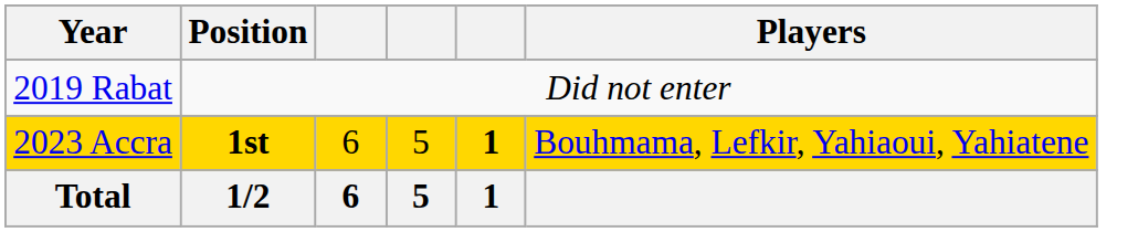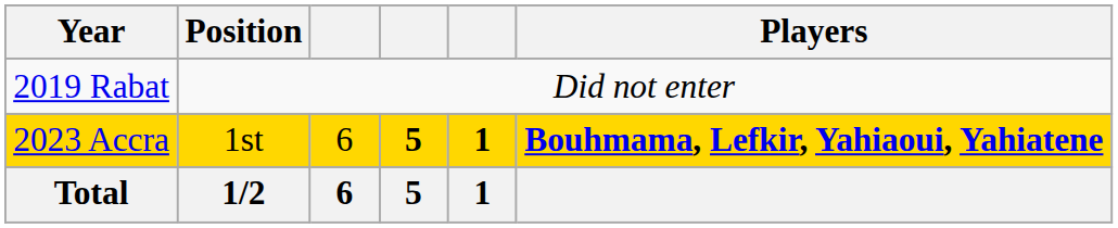 <table class="wikitable" style="text-align: center;">
 <tr>
 <th>Year</th>
 <th>Position</th>
 <th width=25px></th>
 <th width=25px></th>
 <th width=25px></th>
 <th>Players</th>
 </tr>
 <tr>
 <td style="text-align: left;"> <a href='#'>2019 Rabat</a></td>
 <td colspan=5><em>Did not enter</em></td>
 </tr>
 <tr bgcolor="#FFD700">
 <td style="text-align: left;"> <a href='#'>2023 Accra</a></td>
-<td><strong>1st </strong></td>
+<td>1st </td>
 <td>6</td>
-<td>5</td>
+<td><strong>5</strong></td>
 <td><strong>1</strong></td>
-<td><a href='#'>Bouhmama</a>, <a href='#'>Lefkir</a>, <a href='#'>Yahiaoui</a>, <a href='#'>Yahiatene</a></td>
+<td><strong><a href='#'>Bouhmama</a>, <a href='#'>Lefkir</a>, <a href='#'>Yahiaoui</a>, <a href='#'>Yahiatene</a></strong></td>
 </tr>
 <tr>
 <th>Total</th>
 <th>1/2</th>
 <th>6</th>
 <th>5</th>
 <th>1</th>
 <th></th>
 </tr>
 </table>
